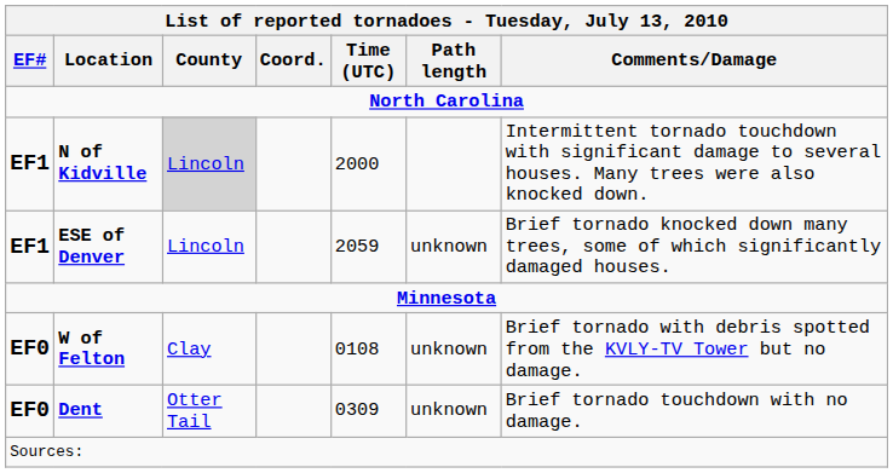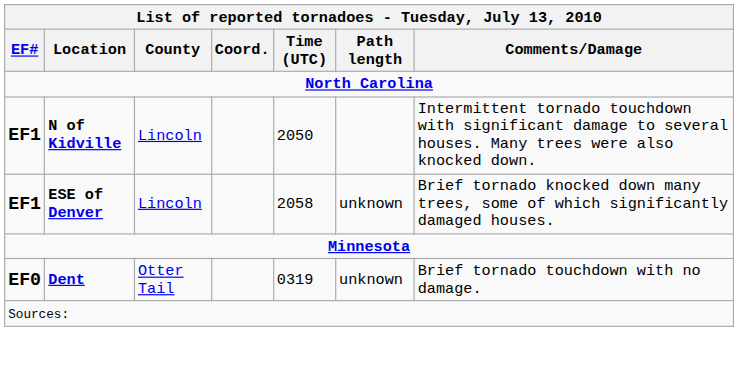 <table class="wikitable collapsible" style="width:100%;">
 <tr>
 <th colspan="7">List of reported tornadoes - Tuesday, July 13, 2010</th>
 </tr>
 <tr>
 <th><a href='#'>EF#</a></th>
 <th>Location</th>
 <th>County</th>
 <th>Coord.</th>
 <th>Time (UTC)</th>
 <th>Path length</th>
 <th>Comments/Damage</th>
 </tr>
 <tr>
 <td colspan="7" style="text-align:center;"><strong><a href='#'>North Carolina</a></strong></td>
 </tr>
 <tr>
 <td><big><strong>EF1</strong></big></td>
 <td><strong>N of <a href='#'>Kidville</a></strong></td>
-<td style="background: lightgrey;"><a href='#'>Lincoln</a></td>
+<td><a href='#'>Lincoln</a></td>
 <td></td>
-<td>2000</td>
+<td>2050</td>
 <td></td>
 <td>Intermittent tornado touchdown with significant damage to several houses. Many trees were also knocked down.</td>
 </tr>
 <tr>
 <td><big><strong>EF1</strong></big></td>
 <td><strong>ESE of <a href='#'>Denver</a></strong></td>
 <td><a href='#'>Lincoln</a></td>
 <td></td>
-<td>2059</td>
+<td>2058</td>
 <td>unknown</td>
 <td>Brief tornado knocked down many trees, some of which significantly damaged houses.</td>
 </tr>
 <tr>
 <td colspan="7" style="text-align:center;"><strong><a href='#'>Minnesota</a></strong></td>
 </tr>
 <tr>
 <td><big><strong>EF0</strong></big></td>
-<td><strong>W of <a href='#'>Felton</a></strong></td>
-<td><a href='#'>Clay</a></td>
-<td></td>
-<td>0108</td>
-<td>unknown</td>
-<td>Brief tornado with debris spotted from the <a href='#'>KVLY-TV Tower</a> but no damage.</td>
-</tr>
-<tr>
-<td><big><strong>EF0</strong></big></td>
 <td><strong><a href='#'>Dent</a></strong></td>
 <td><a href='#'>Otter Tail</a></td>
 <td></td>
-<td>0309</td>
+<td>0319</td>
 <td>unknown</td>
 <td>Brief tornado touchdown with no damage.</td>
 </tr>
 <tr>
 <td colspan="7"><small>Sources: </small></td>
 </tr>
 </table>
